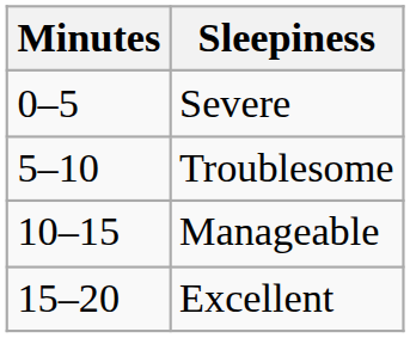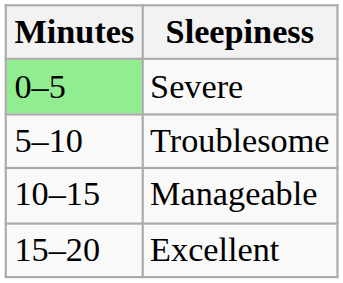 <table class="wikitable" align="right" style="margin: 1em 1em">
 <tr>
 <th>Minutes</th>
 <th>Sleepiness</th>
 </tr>
 <tr>
-<td>0–5</td>
+<td style="background: lightgreen;">0–5</td>
 <td>Severe</td>
 </tr>
 <tr>
 <td>5–10</td>
 <td>Troublesome</td>
 </tr>
 <tr>
 <td>10–15</td>
 <td>Manageable</td>
 </tr>
 <tr>
 <td>15–20</td>
 <td>Excellent</td>
 </tr>
 </table>
